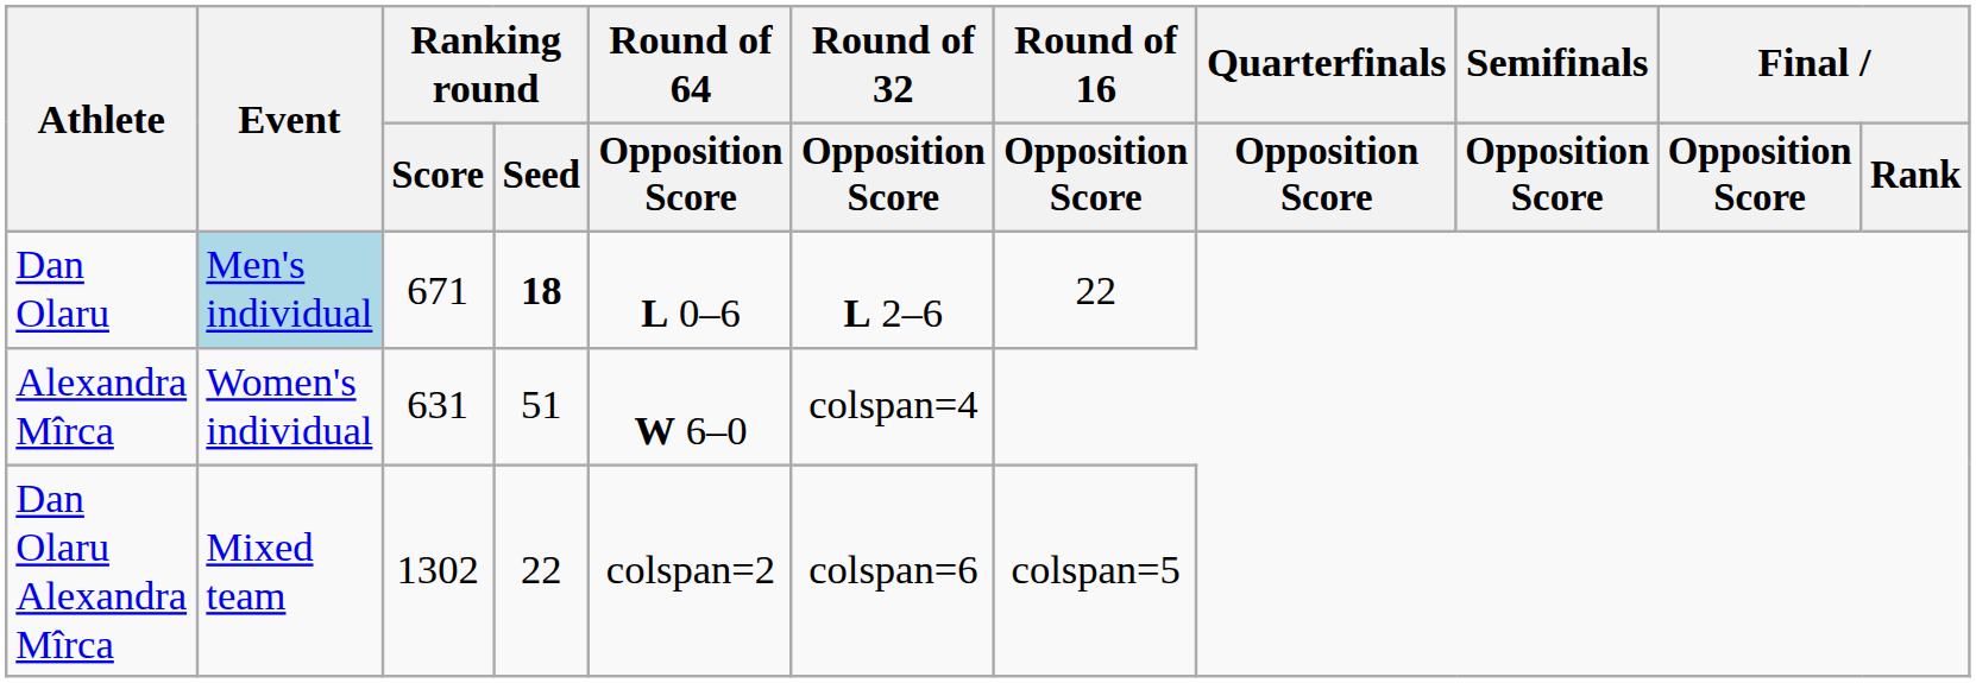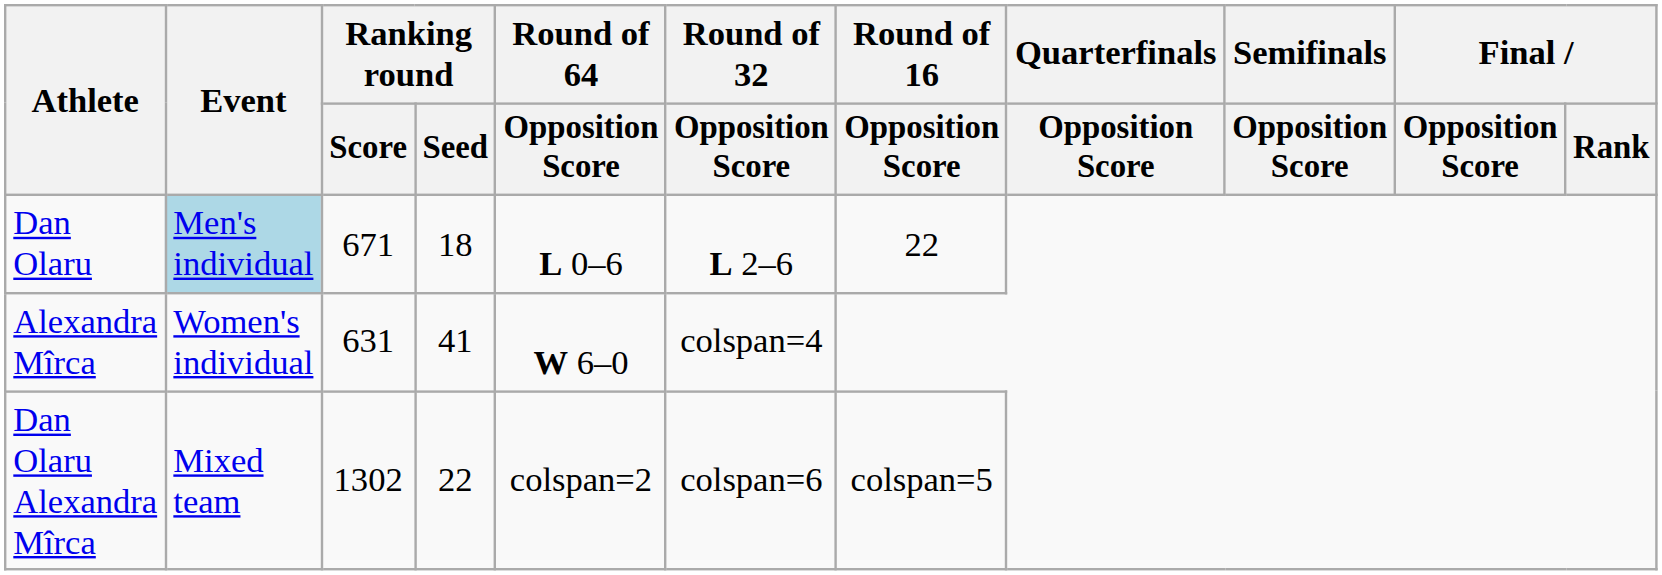 <table class="wikitable" style="font-size:90%; text-align:center">
 <tr>
 <th rowspan=2>Athlete</th>
 <th rowspan=2>Event</th>
 <th colspan="2">Ranking round</th>
 <th>Round of 64</th>
 <th>Round of 32</th>
 <th>Round of 16</th>
 <th>Quarterfinals</th>
 <th>Semifinals</th>
 <th colspan="2">Final / </th>
 </tr>
 <tr style="font-size:95%">
 <th>Score</th>
 <th>Seed</th>
 <th>Opposition<br>Score</th>
 <th>Opposition<br>Score</th>
 <th>Opposition<br>Score</th>
 <th>Opposition<br>Score</th>
 <th>Opposition<br>Score</th>
 <th>Opposition<br>Score</th>
 <th>Rank</th>
 </tr>
 <tr align=center>
 <td align=left><a href='#'>Dan Olaru</a></td>
 <td align=left style="background: lightblue;"><a href='#'>Men's individual</a></td>
 <td>671</td>
-<td><strong>18</strong></td>
+<td>18</td>
 <td><br><strong>L</strong> 0–6</td>
 <td> <br><strong>L</strong> 2–6</td>
 <td>22</td>
 </tr>
 <tr align=center>
 <td align=left><a href='#'>Alexandra Mîrca</a></td>
 <td align=left><a href='#'>Women's individual</a></td>
 <td>631</td>
-<td>51</td>
+<td>41</td>
 <td><br><strong>W</strong> 6–0</td>
 <td>colspan=4 </td>
 </tr>
 <tr align=center>
 <td align=left><a href='#'>Dan Olaru</a><br><a href='#'>Alexandra Mîrca</a></td>
 <td align=left><a href='#'>Mixed team</a></td>
 <td>1302</td>
 <td>22</td>
 <td>colspan=2 </td>
 <td>colspan=6 </td>
 <td>colspan=5 </td>
 </tr>
 </table>
